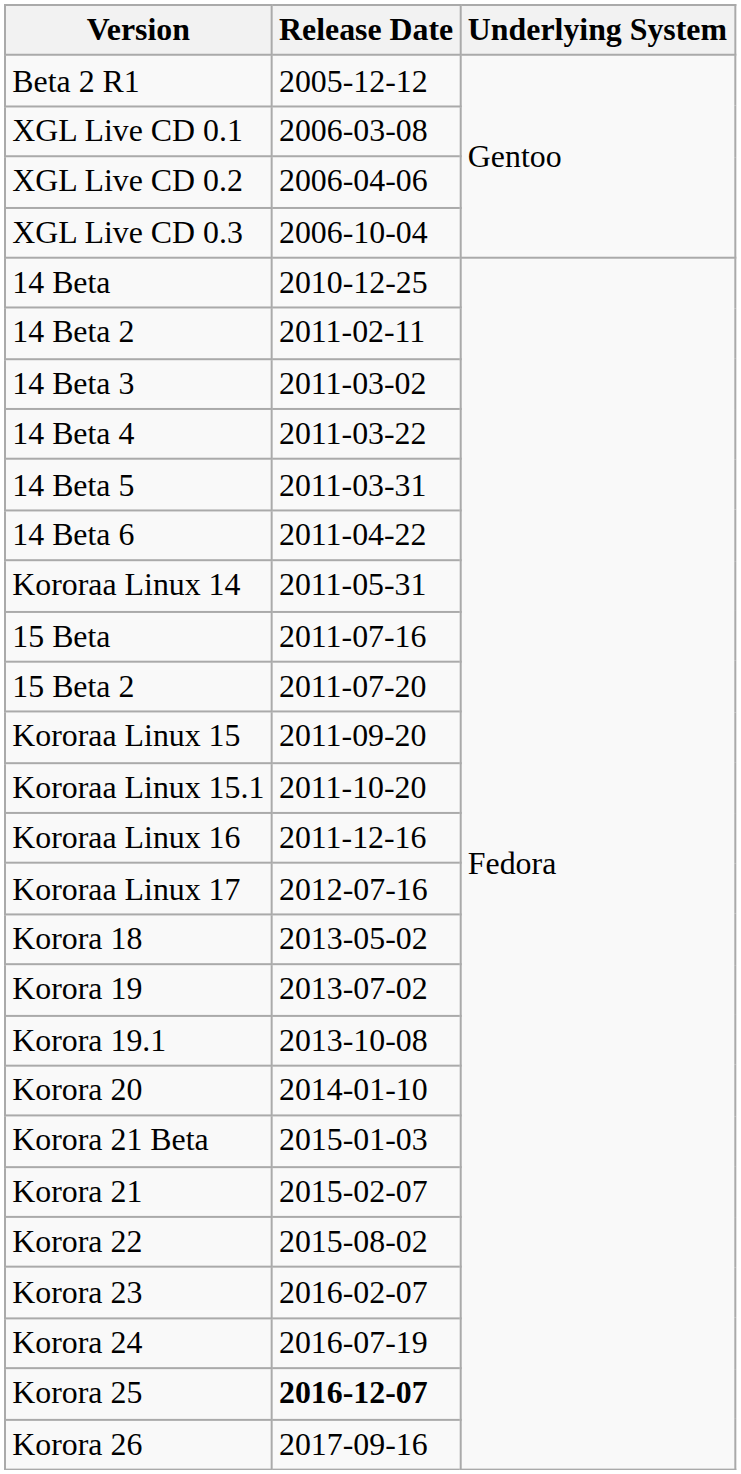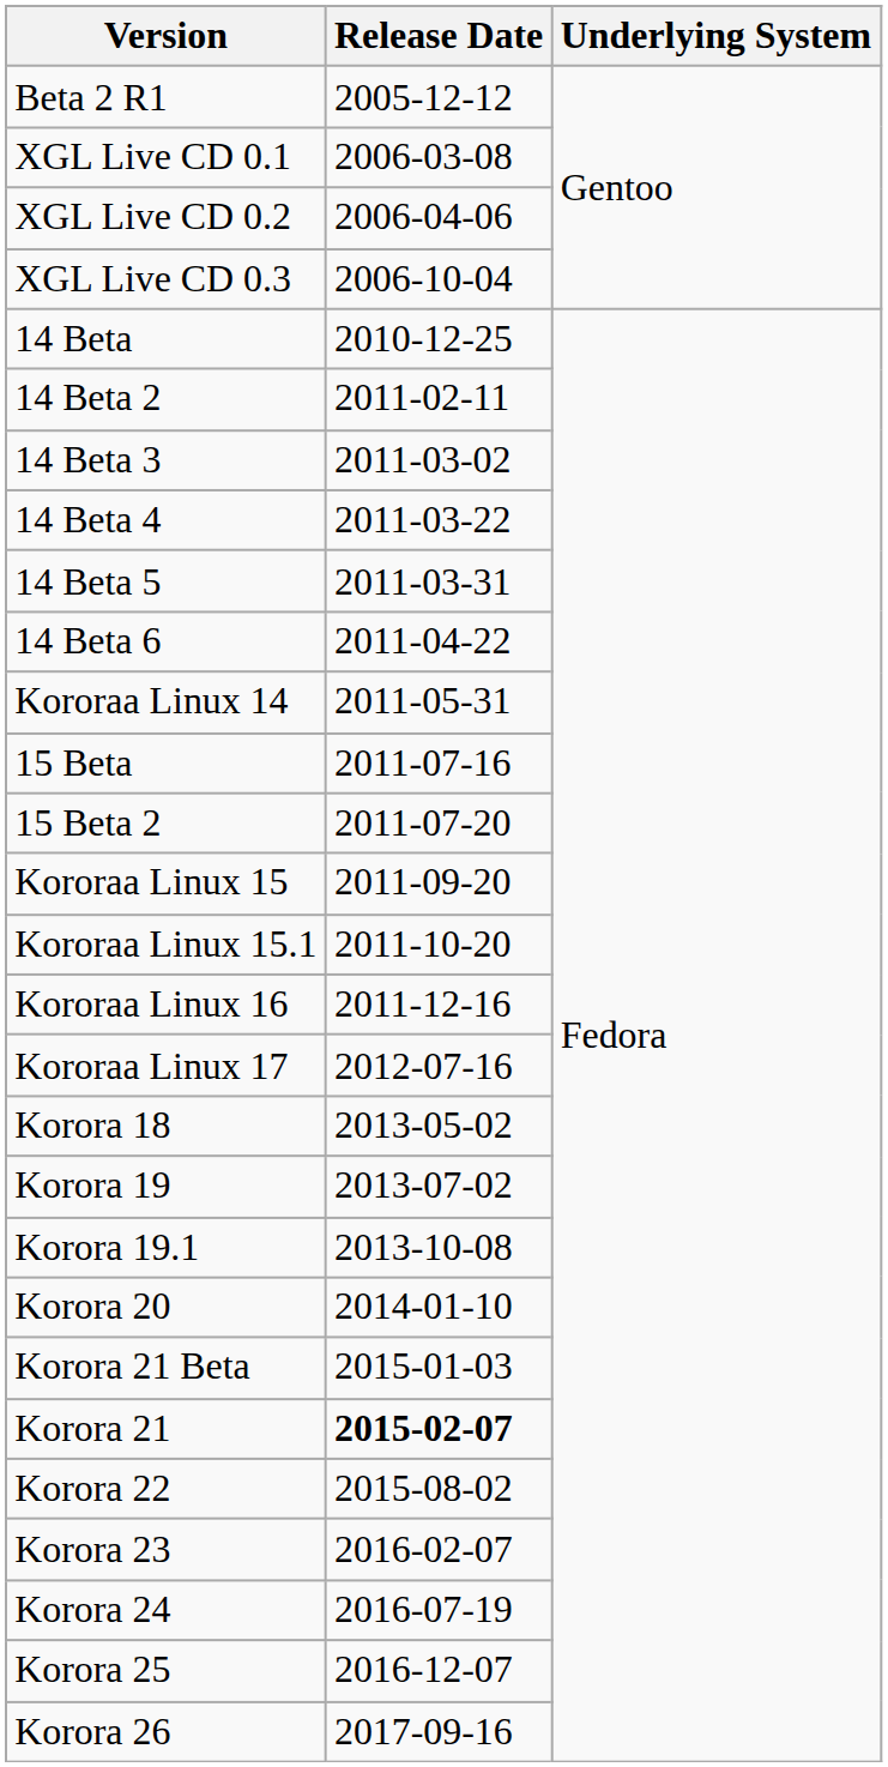 <table class="wikitable sortable">
 <tr>
 <th>Version</th>
 <th>Release Date</th>
 <th>Underlying System</th>
 </tr>
 <tr>
 <td>Beta 2 R1</td>
 <td>2005-12-12</td>
 <td rowspan="4">Gentoo</td>
 </tr>
 <tr>
 <td>XGL Live CD 0.1</td>
 <td>2006-03-08</td>
 </tr>
 <tr>
 <td>XGL Live CD 0.2</td>
 <td>2006-04-06</td>
 </tr>
 <tr>
 <td>XGL Live CD 0.3</td>
 <td>2006-10-04</td>
 </tr>
 <tr>
 <td>14 Beta</td>
 <td>2010-12-25</td>
 <td rowspan="24">Fedora</td>
 </tr>
 <tr>
 <td>14 Beta 2</td>
 <td>2011-02-11</td>
 </tr>
 <tr>
 <td>14 Beta 3</td>
 <td>2011-03-02</td>
 </tr>
 <tr>
 <td>14 Beta 4</td>
 <td>2011-03-22</td>
 </tr>
 <tr>
 <td>14 Beta 5</td>
 <td>2011-03-31</td>
 </tr>
 <tr>
 <td>14 Beta 6</td>
 <td>2011-04-22</td>
 </tr>
 <tr>
 <td>Kororaa Linux 14</td>
 <td>2011-05-31</td>
 </tr>
 <tr>
 <td>15 Beta</td>
 <td>2011-07-16</td>
 </tr>
 <tr>
 <td>15 Beta 2</td>
 <td>2011-07-20</td>
 </tr>
 <tr>
 <td>Kororaa Linux 15</td>
 <td>2011-09-20</td>
 </tr>
 <tr>
 <td>Kororaa Linux 15.1</td>
 <td>2011-10-20</td>
 </tr>
 <tr>
 <td>Kororaa Linux 16</td>
 <td>2011-12-16</td>
 </tr>
 <tr>
 <td>Kororaa Linux 17</td>
 <td>2012-07-16</td>
 </tr>
 <tr>
 <td>Korora 18</td>
 <td>2013-05-02</td>
 </tr>
 <tr>
 <td>Korora 19</td>
 <td>2013-07-02</td>
 </tr>
 <tr>
 <td>Korora 19.1</td>
 <td>2013-10-08</td>
 </tr>
 <tr>
 <td>Korora 20</td>
 <td>2014-01-10</td>
 </tr>
 <tr>
 <td>Korora 21 Beta</td>
 <td>2015-01-03</td>
 </tr>
 <tr>
 <td>Korora 21</td>
-<td>2015-02-07</td>
+<td><strong>2015-02-07</strong></td>
 </tr>
 <tr>
 <td>Korora 22</td>
 <td>2015-08-02</td>
 </tr>
 <tr>
 <td>Korora 23</td>
 <td>2016-02-07</td>
 </tr>
 <tr>
 <td>Korora 24</td>
 <td>2016-07-19</td>
 </tr>
 <tr>
 <td>Korora 25</td>
-<td><strong>2016-12-07</strong></td>
+<td>2016-12-07</td>
 </tr>
 <tr>
 <td>Korora 26</td>
 <td>2017-09-16</td>
 </tr>
 </table>
